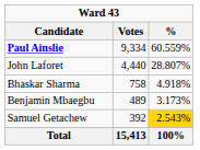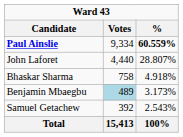 <table class="wikitable">
 <tr>
 <td Colspan="3" align="center"><strong>Ward 43</strong></td>
 </tr>
 <tr>
 <th bgcolor="#DDDDFF" width="150px">Candidate</th>
 <th bgcolor="#DDDDFF">Votes</th>
 <th bgcolor="#DDDDFF">%</th>
 </tr>
 <tr>
 <td><strong><a href='#'>Paul Ainslie</a></strong></td>
 <td align=right>9,334</td>
-<td align=right>60.559%</td>
+<td align=right><strong>60.559%</strong></td>
 </tr>
 <tr>
 <td>John Laforet</td>
 <td align=right>4,440</td>
 <td align=right>28.807%</td>
 </tr>
 <tr>
 <td>Bhaskar Sharma</td>
 <td align=right>758</td>
 <td align=right>4.918%</td>
 </tr>
 <tr>
 <td>Benjamin Mbaegbu</td>
-<td align=right>489</td>
+<td align=right style="background: lightblue;">489</td>
 <td align=right>3.173%</td>
 </tr>
 <tr>
 <td>Samuel Getachew</td>
 <td align=right>392</td>
-<td align=right style="background: gold;">2.543%</td>
+<td align=right>2.543%</td>
 </tr>
 <tr>
 <th>Total</th>
 <th align=right>15,413</th>
 <th align=right>100%</th>
 </tr>
 </table>
